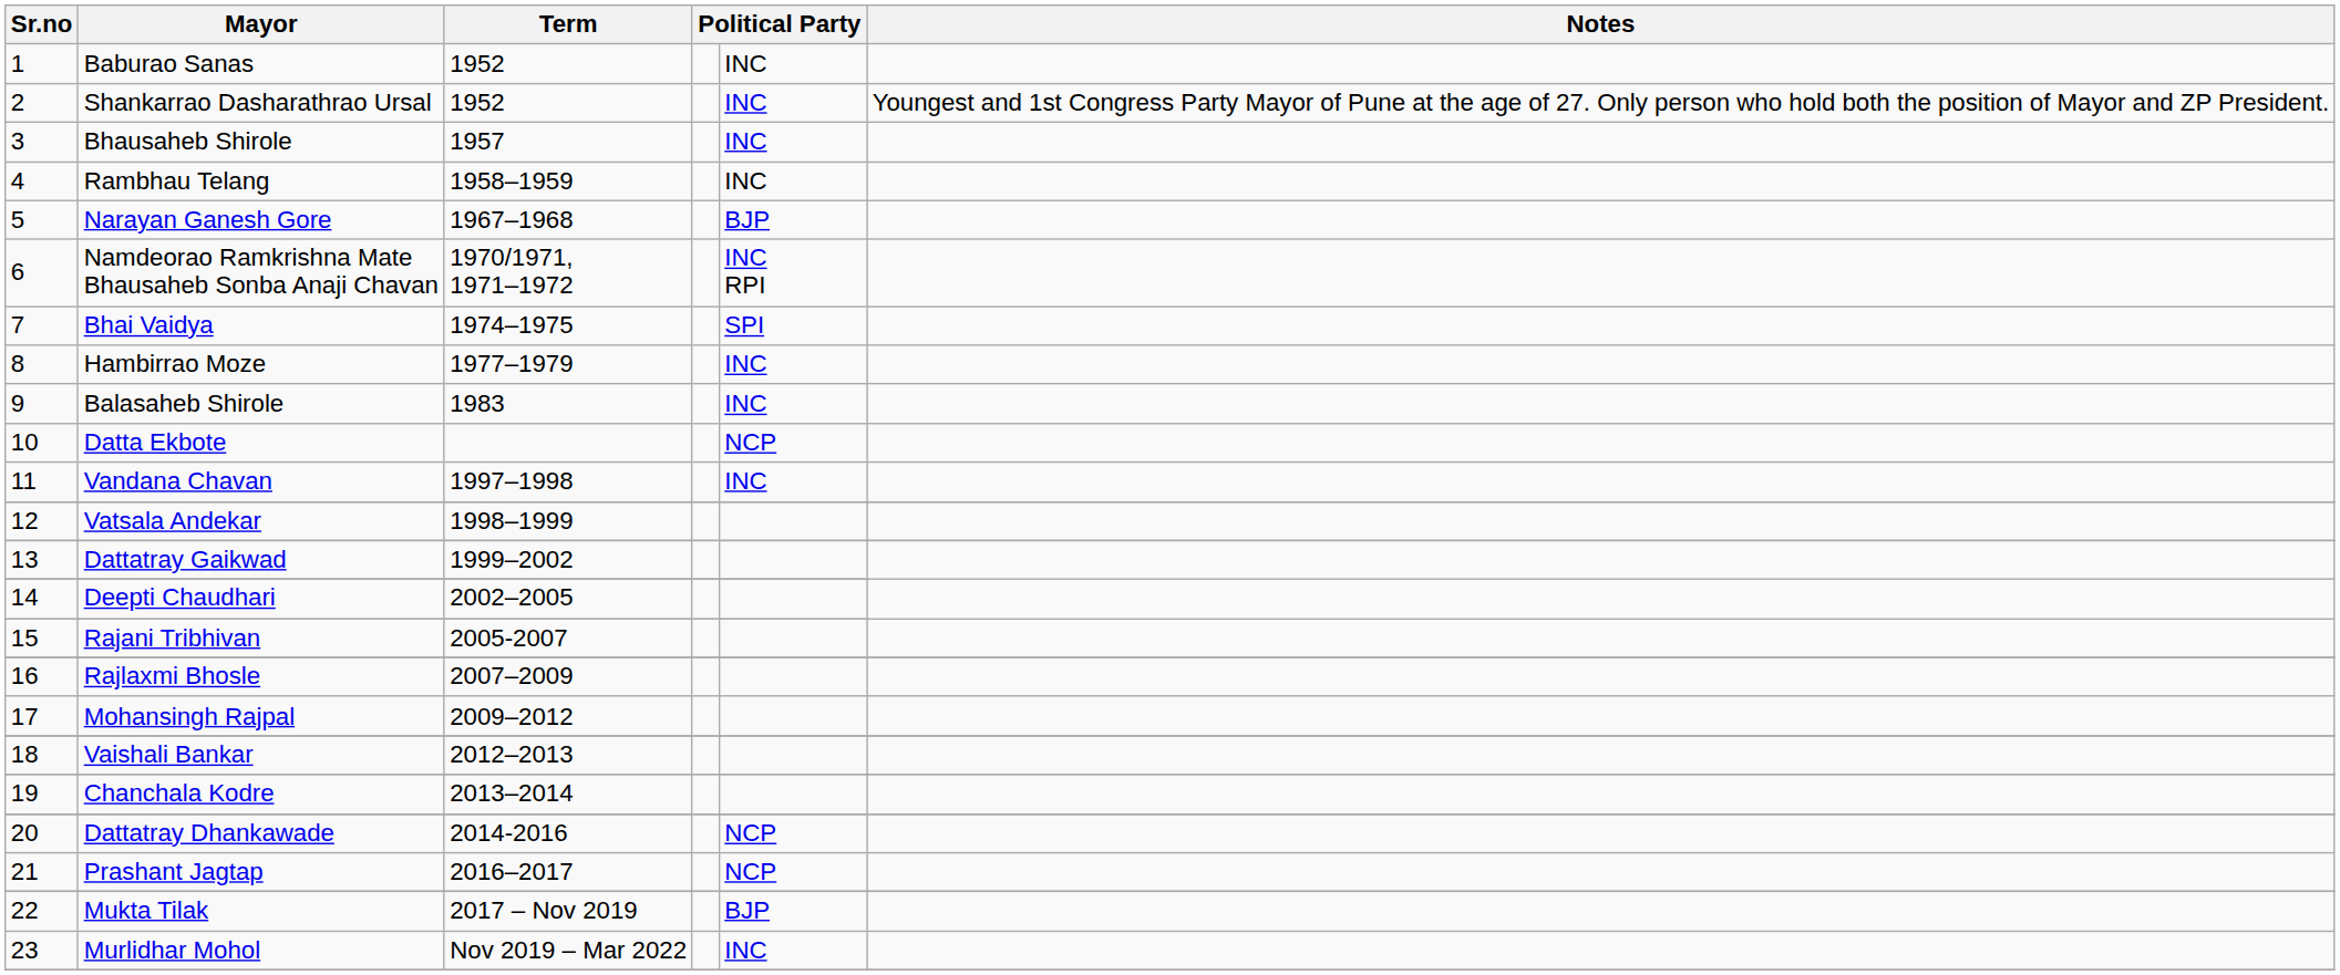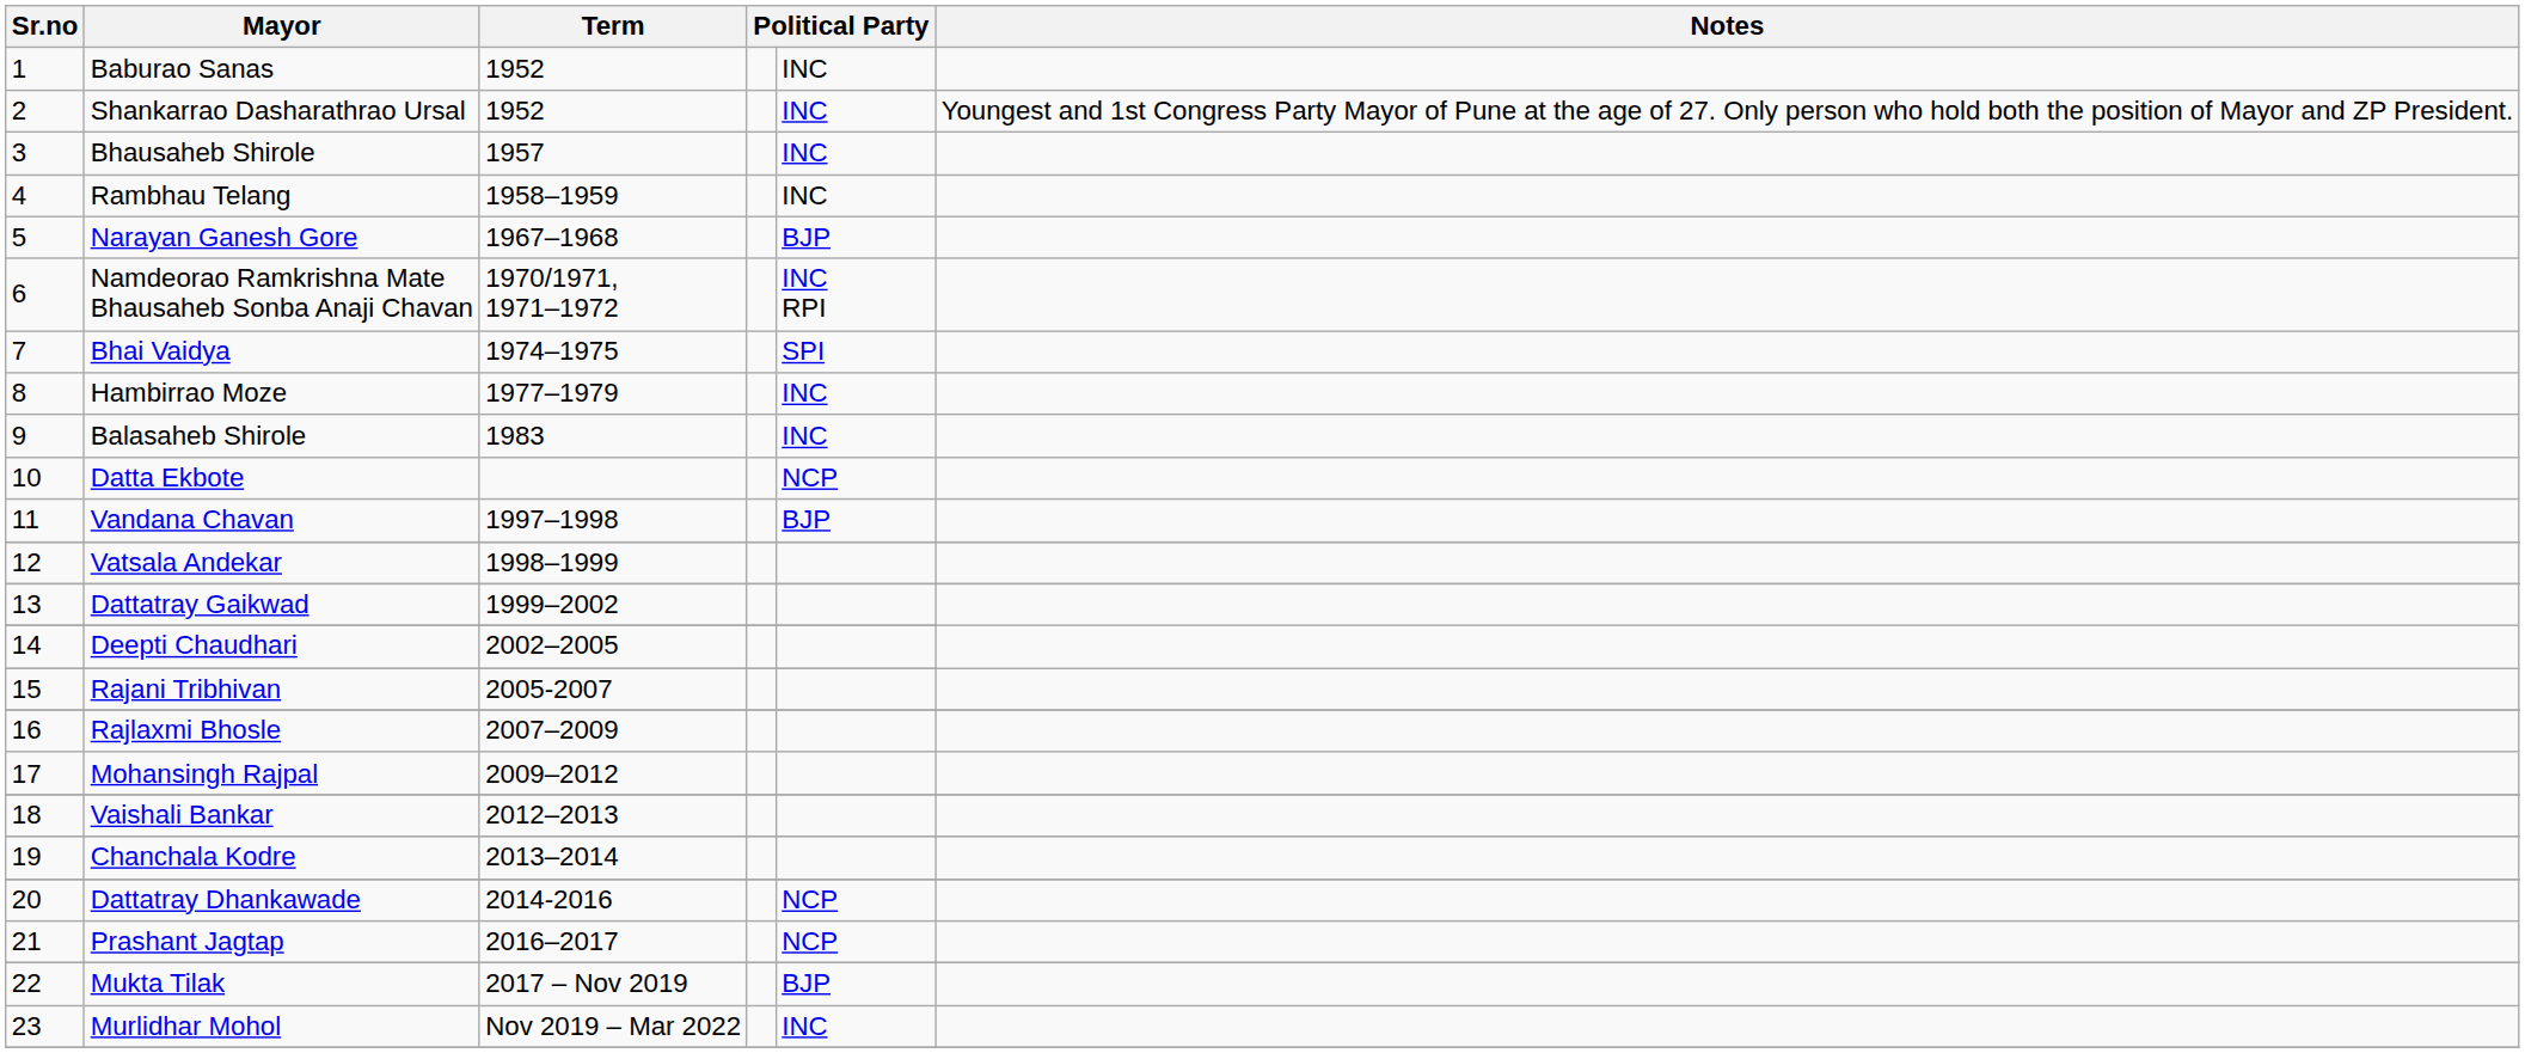 <table class="wikitable">
 <tr>
 <th>Sr.no</th>
 <th>Mayor</th>
 <th>Term</th>
 <th colspan="2">Political Party</th>
 <th>Notes</th>
 </tr>
 <tr>
 <td>1</td>
 <td>Baburao Sanas</td>
 <td>1952</td>
 <td></td>
 <td>INC</td>
 <td></td>
 </tr>
 <tr>
 <td>2</td>
 <td>Shankarrao Dasharathrao Ursal</td>
 <td>1952</td>
 <td style="background-color: "></td>
 <td><a href='#'>INC</a></td>
 <td>Youngest and 1st Congress Party Mayor of Pune at the age of 27. Only person who hold both the position of Mayor and ZP President.</td>
 </tr>
 <tr>
 <td>3</td>
 <td>Bhausaheb Shirole</td>
 <td>1957</td>
 <td style="background-color: "></td>
 <td><a href='#'>INC</a></td>
 <td></td>
 </tr>
 <tr>
 <td>4</td>
 <td>Rambhau Telang</td>
 <td>1958–1959</td>
 <td></td>
 <td>INC</td>
 <td></td>
 </tr>
 <tr>
 <td>5</td>
 <td><a href='#'>Narayan Ganesh Gore</a></td>
 <td>1967–1968</td>
 <td style="background-color: "></td>
 <td><a href='#'>BJP</a></td>
 <td></td>
 </tr>
 <tr Namdeorao Ramkrishna Mate>
 <td>6</td>
 <td>Namdeorao Ramkrishna Mate<br>Bhausaheb Sonba Anaji Chavan</td>
 <td>1970/1971,<br>1971–1972</td>
 <td style="background-color: "></td>
 <td><a href='#'>INC</a><br>RPI</td>
 <td></td>
 </tr>
 <tr>
 <td>7</td>
 <td><a href='#'>Bhai Vaidya</a></td>
 <td>1974–1975</td>
 <td></td>
 <td><a href='#'>SPI</a></td>
 <td></td>
 </tr>
 <tr>
 <td>8</td>
 <td>Hambirrao Moze</td>
 <td>1977–1979</td>
 <td style="background-color: "></td>
 <td><a href='#'>INC</a></td>
 <td></td>
 </tr>
 <tr>
 <td>9</td>
 <td>Balasaheb Shirole</td>
 <td>1983</td>
 <td style="background-color: "></td>
 <td><a href='#'>INC</a></td>
 <td></td>
 </tr>
 <tr>
 <td>10</td>
 <td><a href='#'>Datta Ekbote</a></td>
 <td></td>
 <td style="background-color: "></td>
 <td><a href='#'>NCP</a></td>
 <td></td>
 </tr>
 <tr>
 <td>11</td>
 <td><a href='#'>Vandana Chavan</a></td>
 <td>1997–1998</td>
 <td style="background-color: "></td>
-<td><a href='#'>INC</a></td>
+<td><a href='#'>BJP</a></td>
 <td></td>
 </tr>
 <tr>
 </tr>
 <tr>
 <td>12</td>
 <td><a href='#'>Vatsala Andekar</a></td>
 <td>1998–1999</td>
 <td style="background-color: {{party color"></td>
 <td></td>
 <td></td>
 </tr>
 <tr>
 </tr>
 <tr>
 <td>13</td>
 <td><a href='#'>Dattatray Gaikwad</a></td>
 <td>1999–2002</td>
 <td style="background-color: {{party color"></td>
 <td></td>
 <td></td>
 </tr>
 <tr>
 </tr>
 <tr>
 <td>14</td>
 <td><a href='#'>Deepti Chaudhari</a></td>
 <td>2002–2005</td>
 <td style="background-color: {{party color"></td>
 <td></td>
 </tr>
 <tr>
 </tr>
 <tr>
 <td>15</td>
 <td><a href='#'>Rajani Tribhivan</a></td>
 <td>2005-2007</td>
 <td style="background-color: {{party color"></td>
 <td></td>
 <td></td>
 </tr>
 <tr>
 </tr>
 <tr>
 <td>16</td>
 <td><a href='#'>Rajlaxmi Bhosle</a></td>
 <td>2007–2009</td>
 <td style="background-color: {{party color"></td>
 <td></td>
 <td></td>
 </tr>
 <tr>
 <td>17</td>
 <td><a href='#'>Mohansingh Rajpal</a></td>
 <td>2009–2012</td>
 <td style="background-color: {{party color"></td>
 <td></td>
 <td></td>
 </tr>
 <tr>
 </tr>
 <tr>
 <td>18</td>
 <td><a href='#'>Vaishali Bankar</a></td>
 <td>2012–2013</td>
 <td style="background-color: {{party color"></td>
 <td></td>
 <td></td>
 </tr>
 <tr>
 </tr>
 <tr>
 <td>19</td>
 <td><a href='#'>Chanchala Kodre</a></td>
 <td>2013–2014</td>
 <td style="background-color: {{party color"></td>
 <td></td>
 <td></td>
 </tr>
 <tr>
 </tr>
 <tr>
 <td>20</td>
 <td><a href='#'>Dattatray Dhankawade</a></td>
 <td>2014-2016</td>
 <td style="background-color: "></td>
 <td><a href='#'>NCP</a></td>
 <td></td>
 </tr>
 <tr>
 <td>21</td>
 <td><a href='#'>Prashant Jagtap</a></td>
 <td>2016–2017</td>
 <td style="background-color: "></td>
 <td><a href='#'>NCP</a></td>
 <td></td>
 </tr>
 <tr>
 </tr>
 <tr>
 <td>22</td>
 <td><a href='#'>Mukta Tilak</a></td>
 <td>2017 – Nov 2019</td>
 <td style="background-color: "></td>
 <td><a href='#'>BJP</a></td>
 <td></td>
 </tr>
 <tr>
 <td>23</td>
 <td><a href='#'>Murlidhar Mohol</a></td>
 <td>Nov 2019 – Mar 2022</td>
 <td style="background-color: "></td>
 <td><a href='#'>INC</a></td>
 <td></td>
 </tr>
 <tr>
 </tr>
 </table>
